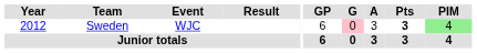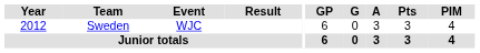 <table border="0" cellpadding="1" cellspacing="0" ID="Table3" style="text-align:center; width:40em">
 <tr bgcolor="#e0e0e0">
 <th>Year</th>
 <th>Team</th>
 <th>Event</th>
 <th>Result</th>
 <th rowspan="99" bgcolor="#ffffff"></th>
 <th>GP</th>
 <th>G</th>
 <th>A</th>
 <th>Pts</th>
 <th>PIM</th>
 </tr>
 <tr>
 <td><a href='#'>2012</a></td>
 <td><a href='#'>Sweden</a></td>
 <td><a href='#'>WJC</a></td>
 <td></td>
 <td>6</td>
-<td style="background: pink;">0</td>
+<td>0</td>
 <td>3</td>
-<td><strong>3</strong></td>
-<td style="background: lightgreen;">4</td>
+<td>3</td>
+<td>4</td>
 </tr>
 <tr ALIGN="center" bgcolor="#e0e0e0">
 <th colspan=4>Junior totals</th>
 <th>6</th>
 <th>0</th>
 <th>3</th>
 <th>3</th>
 <th>4</th>
 </tr>
 </table>
